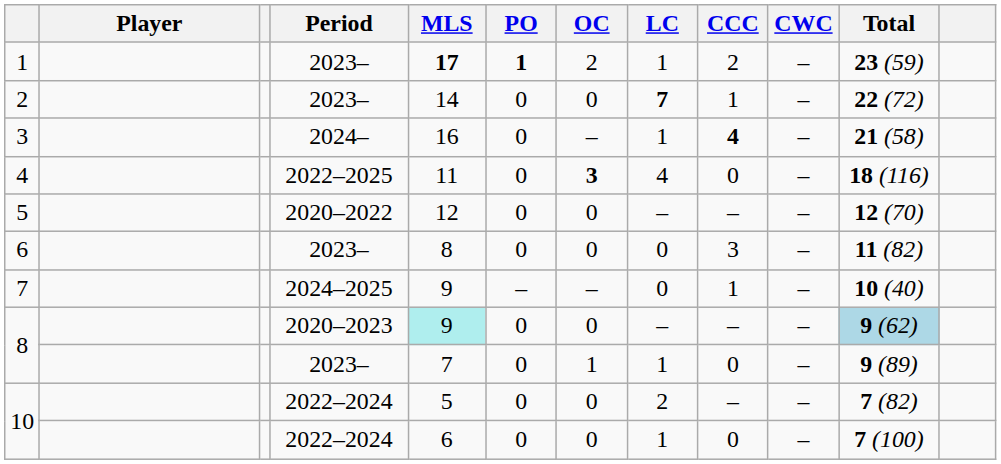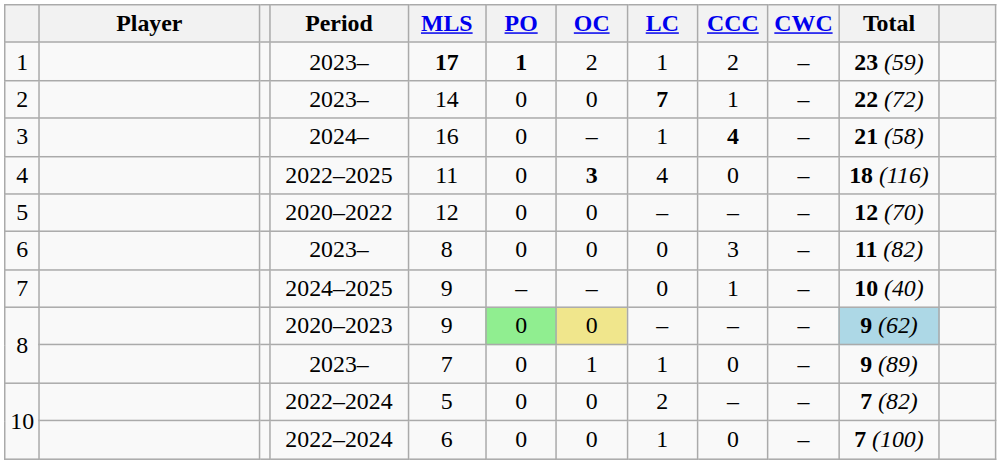 <table class="wikitable sortable nowrap" style="text-align: center;">
 <tr>
 <th></th>
 <th width=140>Player</th>
 <th></th>
 <th width=85>Period</th>
 <th width=45><a href='#'>MLS</a></th>
 <th width=40><a href='#'>PO</a></th>
 <th width=40><a href='#'>OC</a></th>
 <th width=40><a href='#'>LC</a></th>
 <th width=40><a href='#'>CCC</a></th>
 <th width=40><a href='#'>CWC</a></th>
 <th width=60>Total</th>
 <th width=30></th>
 </tr>
 <tr>
 <td>1</td>
 <td align="left"><strong></strong></td>
 <td></td>
 <td>2023–</td>
 <td><strong>17</strong></td>
 <td><strong>1</strong></td>
 <td>2</td>
 <td>1</td>
 <td>2</td>
 <td>–</td>
 <td><strong>23</strong> <em>(59)</em></td>
 <td></td>
 </tr>
 <tr>
 <td>2</td>
 <td align="left"><strong></strong></td>
 <td></td>
 <td>2023–</td>
 <td>14</td>
 <td>0</td>
 <td>0</td>
 <td><strong>7</strong></td>
 <td>1</td>
 <td>–</td>
 <td><strong>22</strong> <em>(72)</em></td>
 <td></td>
 </tr>
 <tr>
 <td>3</td>
 <td align="left"><strong></strong></td>
 <td></td>
 <td>2024–</td>
 <td>16</td>
 <td>0</td>
 <td>–</td>
 <td>1</td>
 <td><strong>4</strong></td>
 <td>–</td>
 <td><strong>21</strong> <em>(58)</em></td>
 <td></td>
 </tr>
 <tr>
 <td>4</td>
 <td align="left"></td>
 <td></td>
 <td>2022–2025</td>
 <td>11</td>
 <td>0</td>
 <td><strong>3</strong></td>
 <td>4</td>
 <td>0</td>
 <td>–</td>
 <td><strong>18</strong> <em>(116)</em></td>
 <td></td>
 </tr>
 <tr>
 <td>5</td>
 <td align="left"></td>
 <td></td>
 <td>2020–2022</td>
 <td>12</td>
 <td>0</td>
 <td>0</td>
 <td>–</td>
 <td>–</td>
 <td>–</td>
 <td><strong>12</strong> <em>(70)</em></td>
 <td></td>
 </tr>
 <tr>
 <td>6</td>
 <td align="left"><strong></strong></td>
 <td></td>
 <td>2023–</td>
 <td>8</td>
 <td>0</td>
 <td>0</td>
 <td>0</td>
 <td>3</td>
 <td>–</td>
 <td><strong>11</strong> <em>(82)</em></td>
 <td></td>
 </tr>
 <tr>
 <td>7</td>
 <td align="left"></td>
 <td></td>
 <td>2024–2025</td>
 <td>9</td>
 <td>–</td>
 <td>–</td>
 <td>0</td>
 <td>1</td>
 <td>–</td>
 <td><strong>10</strong> <em>(40)</em></td>
 <td></td>
 </tr>
 <tr>
 <td rowspan="2">8</td>
 <td align="left"></td>
 <td></td>
 <td>2020–2023</td>
-<td style="background: paleturquoise;">9</td>
-<td>0</td>
-<td>0</td>
+<td>9</td>
+<td style="background: lightgreen;">0</td>
+<td style="background: khaki;">0</td>
 <td>–</td>
 <td>–</td>
 <td>–</td>
 <td style="background: lightblue;"><strong>9</strong> <em>(62)</em></td>
 <td></td>
 </tr>
 <tr>
 <td align="left"><strong></strong></td>
 <td></td>
 <td>2023–</td>
 <td>7</td>
 <td>0</td>
 <td>1</td>
 <td>1</td>
 <td>0</td>
 <td>–</td>
 <td><strong>9</strong> <em>(89)</em></td>
 <td></td>
 </tr>
 <tr>
 <td rowspan="2">10</td>
 <td align="left"></td>
 <td></td>
 <td>2022–2024</td>
 <td>5</td>
 <td>0</td>
 <td>0</td>
 <td>2</td>
 <td>–</td>
 <td>–</td>
 <td><strong>7</strong> <em>(82)</em></td>
 <td></td>
 </tr>
 <tr>
 <td align="left"></td>
 <td></td>
 <td>2022–2024</td>
 <td>6</td>
 <td>0</td>
 <td>0</td>
 <td>1</td>
 <td>0</td>
 <td>–</td>
 <td><strong>7</strong> <em>(100)</em></td>
 <td></td>
 </tr>
 </table>
